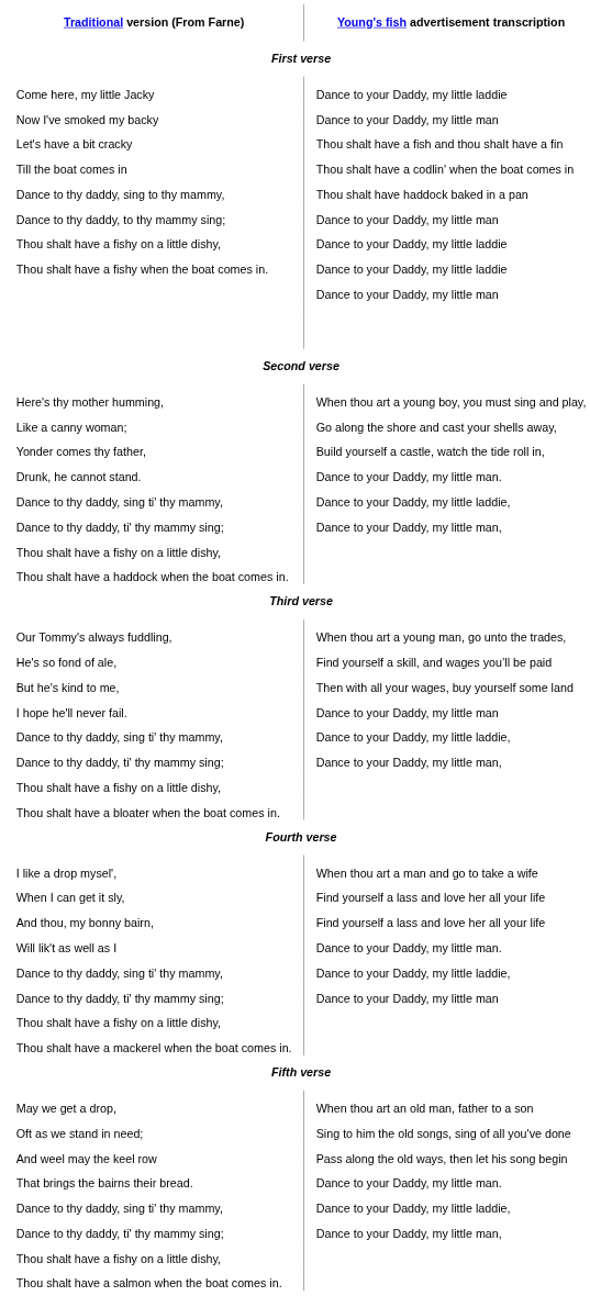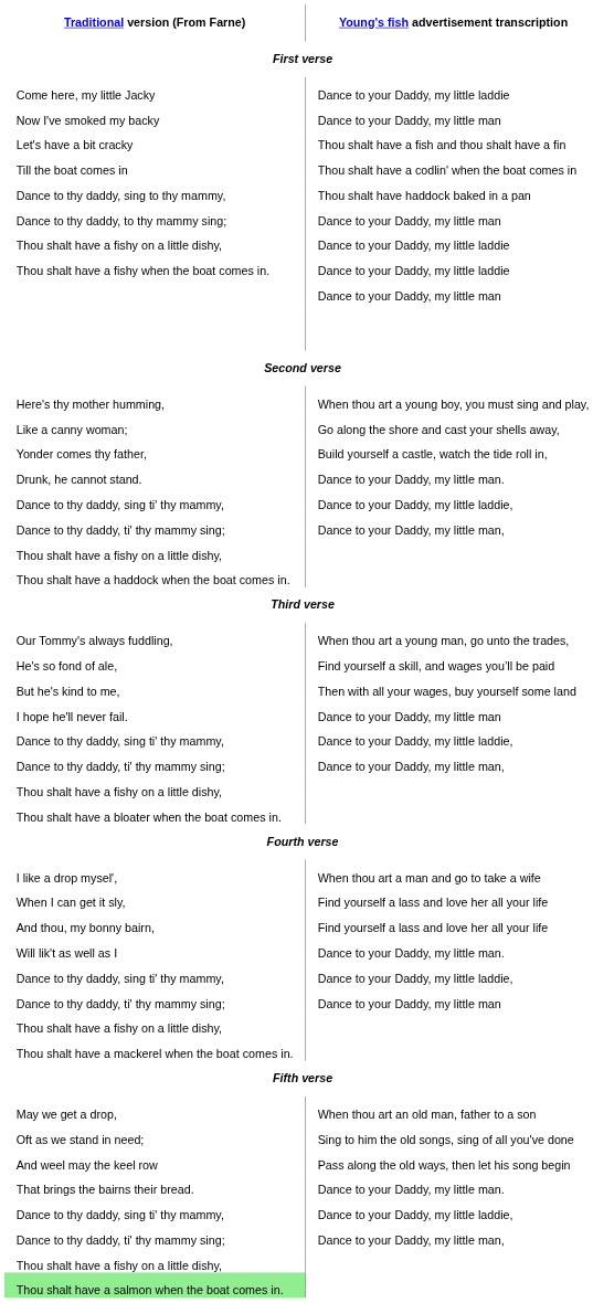 <table class="toccolours" cellpadding="15" rules="cols">
 <tr>
 <th style="padding: 1em"><a href='#'>Traditional</a> version (From Farne)</th>
 <th style="padding: 1em"><a href='#'>Young's fish</a> advertisement transcription</th>
 </tr>
 <tr>
 <th colspan="2" bgcolor=><em>First verse</em></th>
 </tr>
 <tr>
 <td style="padding: 1em 1em 0">Come here, my little Jacky</td>
 <td style="padding: 1em 1em 0">Dance to your Daddy, my little laddie</td>
 </tr>
 <tr>
 <td style="padding: 1em 1em 0">Now I've smoked my backy</td>
 <td style="padding: 1em 1em 0">Dance to your Daddy, my little man</td>
 </tr>
 <tr>
 <td style="padding: 1em 1em 0">Let's have a bit cracky</td>
 <td style="padding: 1em 1em 0">Thou shalt have a fish and thou shalt have a fin</td>
 </tr>
 <tr>
 <td style="padding: 1em 1em 0">Till the boat comes in</td>
 <td style="padding: 1em 1em 0">Thou shalt have a codlin' when the boat comes in</td>
 </tr>
 <tr>
 <td style="padding: 1em 1em 0">Dance to thy daddy, sing to thy mammy,</td>
 <td style="padding: 1em 1em 0">Thou shalt have haddock baked in a pan</td>
 </tr>
 <tr>
 <td style="padding: 1em 1em 0">Dance to thy daddy, to thy mammy sing;</td>
 <td style="padding: 1em 1em 0">Dance to your Daddy, my little man</td>
 </tr>
 <tr>
 <td style="padding: 1em 1em 0">Thou shalt have a fishy on a little dishy,</td>
 <td style="padding: 1em 1em 0">Dance to your Daddy, my little laddie</td>
 </tr>
 <tr>
 <td style="padding: 1em 1em 0">Thou shalt have a fishy when the boat comes in.</td>
 <td style="padding: 1em 1em 0">Dance to your Daddy, my little laddie</td>
 </tr>
 <tr>
 <td style="padding: 1em 1em 0"></td>
 <td style="padding: 1em 1em 0">Dance to your Daddy, my little man</td>
 </tr>
 <tr>
 <td style="padding: 1em 1em 0"></td>
 <td style="padding: 1em 1em 0"></td>
 </tr>
 <tr>
 <td style="padding: 1em 1em 0"></td>
 <td style="padding: 1em 1em 0"></td>
 </tr>
 <tr>
 <td style="padding: 1em 1em 0"></td>
 <td style="padding: 1em 1em 0"></td>
 </tr>
 <tr>
 <td style="padding: 1em 1em 0"></td>
 <td style="padding: 1em 1em 0"></td>
 </tr>
 <tr>
 <th colspan="3"><em>Second verse</em></th>
 </tr>
 <tr>
 <td style="padding: 1em 1em 0">Here's thy mother humming,</td>
 <td style="padding: 1em 1em 0">When thou art a young boy, you must sing and play,</td>
 </tr>
 <tr>
 <td style="padding: 1em 1em 0">Like a canny woman;</td>
 <td style="padding: 1em 1em 0">Go along the shore and cast your shells away,</td>
 </tr>
 <tr>
 <td style="padding: 1em 1em 0">Yonder comes thy father,</td>
 <td style="padding: 1em 1em 0">Build yourself a castle, watch the tide roll in,</td>
 </tr>
 <tr>
 <td style="padding: 1em 1em 0">Drunk, he cannot stand.</td>
 <td style="padding: 1em 1em 0">Dance to your Daddy, my little man.</td>
 </tr>
 <tr>
 <td style="padding: 1em 1em 0">Dance to thy daddy, sing ti' thy mammy,</td>
 <td style="padding: 1em 1em 0">Dance to your Daddy, my little laddie,</td>
 </tr>
 <tr>
 <td style="padding: 1em 1em 0">Dance to thy daddy, ti' thy mammy sing;</td>
 <td style="padding: 1em 1em 0">Dance to your Daddy, my little man,</td>
 </tr>
 <tr>
 <td style="padding: 1em 1em 0">Thou shalt have a fishy on a little dishy,</td>
 <td style="padding: 1em 1em 0"></td>
 </tr>
 <tr>
 <td style="padding: 1em 1em 0">Thou shalt have a haddock when the boat comes in.</td>
 <td style="padding: 1em 1em 0"></td>
 </tr>
 <tr>
 <th colspan="3"><em>Third verse</em></th>
 </tr>
 <tr>
 <td style="padding: 1em 1em 0">Our Tommy's always fuddling,</td>
 <td style="padding: 1em 1em 0">When thou art a young man, go unto the trades,</td>
 </tr>
 <tr>
 <td style="padding: 1em 1em 0">He's so fond of ale,</td>
 <td style="padding: 1em 1em 0">Find yourself a skill, and wages you’ll be paid</td>
 </tr>
 <tr>
 <td style="padding: 1em 1em 0">But he's kind to me,</td>
 <td style="padding: 1em 1em 0">Then with all your wages, buy yourself some land</td>
 </tr>
 <tr>
 <td style="padding: 1em 1em 0">I hope he'll never fail.</td>
 <td style="padding: 1em 1em 0">Dance to your Daddy, my little man</td>
 </tr>
 <tr>
 <td style="padding: 1em 1em 0">Dance to thy daddy, sing ti' thy mammy,</td>
 <td style="padding: 1em 1em 0">Dance to your Daddy, my little laddie,</td>
 </tr>
 <tr>
 <td style="padding: 1em 1em 0">Dance to thy daddy, ti' thy mammy sing;</td>
 <td style="padding: 1em 1em 0">Dance to your Daddy, my little man,</td>
 </tr>
 <tr>
 <td style="padding: 1em 1em 0">Thou shalt have a fishy on a little dishy,</td>
 <td style="padding: 1em 1em 0"></td>
 </tr>
 <tr>
 <td style="padding: 1em 1em 0">Thou shalt have a bloater when the boat comes in.</td>
 <td style="padding: 1em 1em 0"></td>
 </tr>
 <tr>
 <th colspan="3"><em>Fourth verse</em></th>
 </tr>
 <tr>
 <td style="padding: 1em 1em 0">I like a drop mysel',</td>
 <td style="padding: 1em 1em 0">When thou art a man and go to take a wife</td>
 </tr>
 <tr>
 <td style="padding: 1em 1em 0">When I can get it sly,</td>
 <td style="padding: 1em 1em 0">Find yourself a lass and love her all your life</td>
 </tr>
 <tr>
 <td style="padding: 1em 1em 0">And thou, my bonny bairn,</td>
 <td style="padding: 1em 1em 0">Find yourself a lass and love her all your life</td>
 </tr>
 <tr>
 <td style="padding: 1em 1em 0">Will lik't as well as I</td>
 <td style="padding: 1em 1em 0">Dance to your Daddy, my little man.</td>
 </tr>
 <tr>
 <td style="padding: 1em 1em 0">Dance to thy daddy, sing ti' thy mammy,</td>
 <td style="padding: 1em 1em 0">Dance to your Daddy, my little laddie,</td>
 </tr>
 <tr>
 <td style="padding: 1em 1em 0">Dance to thy daddy, ti' thy mammy sing;</td>
 <td style="padding: 1em 1em 0">Dance to your Daddy, my little man</td>
 </tr>
 <tr>
 <td style="padding: 1em 1em 0">Thou shalt have a fishy on a little dishy,</td>
 <td style="padding: 1em 1em 0"></td>
 </tr>
 <tr>
 <td style="padding: 1em 1em 0">Thou shalt have a mackerel when the boat comes in.</td>
 <td style="padding: 1em 1em 0"></td>
 </tr>
 <tr>
 <th colspan="3"><em>Fifth verse</em></th>
 </tr>
 <tr>
 <td style="padding: 1em 1em 0">May we get a drop,</td>
 <td style="padding: 1em 1em 0">When thou art an old man, father to a son</td>
 </tr>
 <tr>
 <td style="padding: 1em 1em 0">Oft as we stand in need;</td>
 <td style="padding: 1em 1em 0">Sing to him the old songs, sing of all you've done</td>
 </tr>
 <tr>
 <td style="padding: 1em 1em 0">And weel may the keel row</td>
 <td style="padding: 1em 1em 0">Pass along the old ways, then let his song begin</td>
 </tr>
 <tr>
 <td style="padding: 1em 1em 0">That brings the bairns their bread.</td>
 <td style="padding: 1em 1em 0">Dance to your Daddy, my little man.</td>
 </tr>
 <tr>
 <td style="padding: 1em 1em 0">Dance to thy daddy, sing ti' thy mammy,</td>
 <td style="padding: 1em 1em 0">Dance to your Daddy, my little laddie,</td>
 </tr>
 <tr>
 <td style="padding: 1em 1em 0">Dance to thy daddy, ti' thy mammy sing;</td>
 <td style="padding: 1em 1em 0">Dance to your Daddy, my little man,</td>
 </tr>
 <tr>
 <td style="padding: 1em 1em 0">Thou shalt have a fishy on a little dishy,</td>
 <td style="padding: 1em 1em 0"></td>
 </tr>
 <tr>
-<td style="padding: 1em 1em 0">Thou shalt have a salmon when the boat comes in.</td>
+<td style="background: lightgreen; padding: 1em 1em 0">Thou shalt have a salmon when the boat comes in.</td>
 <td style="padding: 1em 1em 0"></td>
 </tr>
 <tr>
 </tr>
 </table>
